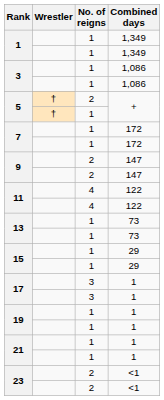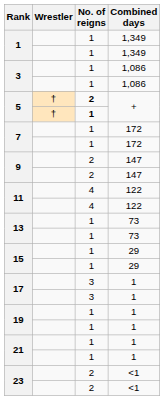 <table class="wikitable sortable" style="text-align: center">
 <tr>
 <th>Rank</th>
 <th>Wrestler</th>
 <th>No. of<br>reigns</th>
 <th data-sort-type="number">Combined<br>days</th>
 </tr>
 <tr>
 <th rowspan=2>1</th>
 <td></td>
 <td>1</td>
 <td>1,349</td>
 </tr>
 <tr>
 <td></td>
 <td>1</td>
 <td>1,349</td>
 </tr>
 <tr>
 <th rowspan=2>3</th>
 <td></td>
 <td>1</td>
 <td>1,086</td>
 </tr>
 <tr>
 <td></td>
 <td>1</td>
 <td>1,086</td>
 </tr>
 <tr>
 <th rowspan=2>5</th>
 <td style="background-color: #ffe6bd"> †</td>
-<td>2</td>
+<td><strong>2</strong></td>
 <td rowspan=2>+</td>
 </tr>
 <tr>
 <td style="background-color: #ffe6bd"> †</td>
-<td>1</td>
+<td><strong>1</strong></td>
 </tr>
 <tr>
 <th rowspan=2>7</th>
 <td></td>
 <td>1</td>
 <td>172</td>
 </tr>
 <tr>
 <td></td>
 <td>1</td>
 <td>172</td>
 </tr>
 <tr>
 <th rowspan=2>9</th>
 <td></td>
 <td>2</td>
 <td>147</td>
 </tr>
 <tr>
 <td></td>
 <td>2</td>
 <td>147</td>
 </tr>
 <tr>
 <th rowspan=2>11</th>
 <td></td>
 <td>4</td>
 <td>122</td>
 </tr>
 <tr>
 <td></td>
 <td>4</td>
 <td>122</td>
 </tr>
 <tr>
 <th rowspan=2>13</th>
 <td></td>
 <td>1</td>
 <td>73</td>
 </tr>
 <tr>
 <td></td>
 <td>1</td>
 <td>73</td>
 </tr>
 <tr>
 <th rowspan=2>15</th>
 <td></td>
 <td>1</td>
 <td>29</td>
 </tr>
 <tr>
 <td></td>
 <td>1</td>
 <td>29</td>
 </tr>
 <tr>
 <th rowspan=2>17</th>
 <td></td>
 <td>3</td>
 <td>1</td>
 </tr>
 <tr>
 <td></td>
 <td>3</td>
 <td>1</td>
 </tr>
 <tr>
 <th rowspan=2>19</th>
 <td></td>
 <td>1</td>
 <td>1</td>
 </tr>
 <tr>
 <td></td>
 <td>1</td>
 <td>1</td>
 </tr>
 <tr>
 <th rowspan=2>21</th>
 <td></td>
 <td>1</td>
 <td>1</td>
 </tr>
 <tr>
 <td></td>
 <td>1</td>
 <td>1</td>
 </tr>
 <tr>
 <th rowspan=2>23</th>
 <td></td>
 <td>2</td>
 <td><1</td>
 </tr>
 <tr>
 <td></td>
 <td>2</td>
 <td><1</td>
 </tr>
 </table>
